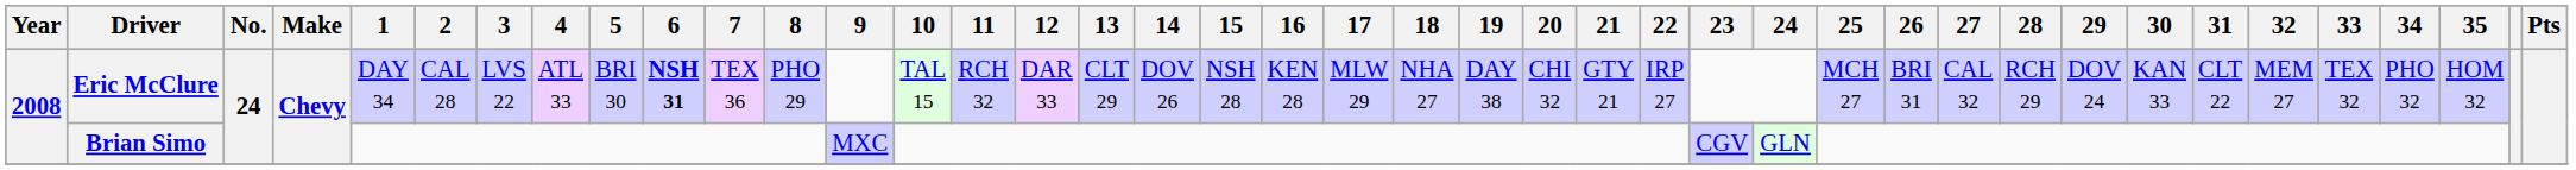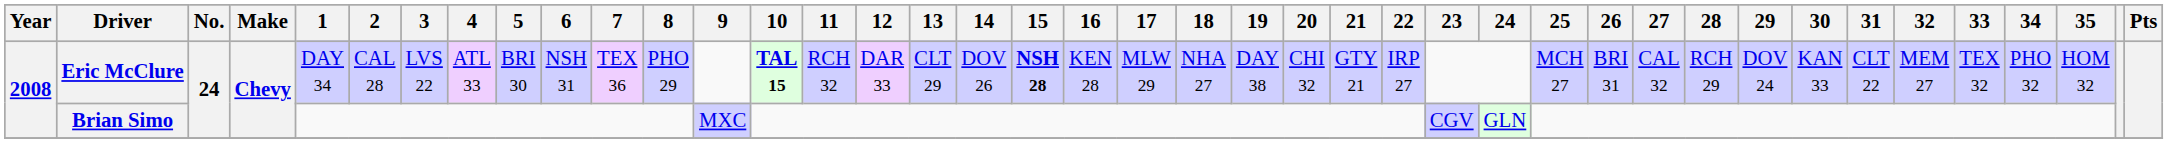 <table class="wikitable" style="text-align:center; font-size:75%">
 <tr>
 <th>Year</th>
 <th>Driver</th>
 <th>No.</th>
 <th>Make</th>
 <th>1</th>
 <th>2</th>
 <th>3</th>
 <th>4</th>
 <th>5</th>
 <th>6</th>
 <th>7</th>
 <th>8</th>
 <th>9</th>
 <th>10</th>
 <th>11</th>
 <th>12</th>
 <th>13</th>
 <th>14</th>
 <th>15</th>
 <th>16</th>
 <th>17</th>
 <th>18</th>
 <th>19</th>
 <th>20</th>
 <th>21</th>
 <th>22</th>
 <th>23</th>
 <th>24</th>
 <th>25</th>
 <th>26</th>
 <th>27</th>
 <th>28</th>
 <th>29</th>
 <th>30</th>
 <th>31</th>
 <th>32</th>
 <th>33</th>
 <th>34</th>
 <th>35</th>
 <th></th>
 <th>Pts</th>
 </tr>
 <tr>
 <th rowspan=2><a href='#'>2008</a></th>
 <th><a href='#'>Eric McClure</a></th>
 <th rowspan=2>24</th>
 <th rowspan=2><a href='#'>Chevy</a></th>
 <td style="background:#CFCFFF;"><a href='#'>DAY</a><br><small>34</small></td>
 <td style="background:#CFCFFF;"><a href='#'>CAL</a><br><small>28</small></td>
 <td style="background:#CFCFFF;"><a href='#'>LVS</a><br><small>22</small></td>
 <td style="background:#EFCFFF;"><a href='#'>ATL</a><br><small>33</small></td>
 <td style="background:#CFCFFF;"><a href='#'>BRI</a><br><small>30</small></td>
-<td style="background:#CFCFFF;"><strong><a href='#'>NSH</a><br><small>31</small></strong></td>
+<td style="background:#CFCFFF;"><a href='#'>NSH</a><br><small>31</small></td>
 <td style="background:#EFCFFF;"><a href='#'>TEX</a><br><small>36</small></td>
 <td style="background:#CFCFFF;"><a href='#'>PHO</a><br><small>29</small></td>
 <td></td>
-<td style="background:#DFFFDF;"><a href='#'>TAL</a><br><small>15</small></td>
+<td style="background:#DFFFDF;"><strong><a href='#'>TAL</a><br><small>15</small></strong></td>
 <td style="background:#CFCFFF;"><a href='#'>RCH</a><br><small>32</small></td>
 <td style="background:#EFCFFF;"><a href='#'>DAR</a><br><small>33</small></td>
 <td style="background:#CFCFFF;"><a href='#'>CLT</a><br><small>29</small></td>
 <td style="background:#CFCFFF;"><a href='#'>DOV</a><br><small>26</small></td>
-<td style="background:#CFCFFF;"><a href='#'>NSH</a><br><small>28</small></td>
+<td style="background:#CFCFFF;"><strong><a href='#'>NSH</a><br><small>28</small></strong></td>
 <td style="background:#CFCFFF;"><a href='#'>KEN</a><br><small>28</small></td>
 <td style="background:#CFCFFF;"><a href='#'>MLW</a><br><small>29</small></td>
 <td style="background:#CFCFFF;"><a href='#'>NHA</a><br><small>27</small></td>
 <td style="background:#CFCFFF;"><a href='#'>DAY</a><br><small>38</small></td>
 <td style="background:#CFCFFF;"><a href='#'>CHI</a><br><small>32</small></td>
 <td style="background:#CFCFFF;"><a href='#'>GTY</a><br><small>21</small></td>
 <td style="background:#CFCFFF;"><a href='#'>IRP</a><br><small>27</small></td>
 <td colspan=2></td>
 <td style="background:#CFCFFF;"><a href='#'>MCH</a><br><small>27</small></td>
 <td style="background:#CFCFFF;"><a href='#'>BRI</a><br><small>31</small></td>
 <td style="background:#CFCFFF;"><a href='#'>CAL</a><br><small>32</small></td>
 <td style="background:#CFCFFF;"><a href='#'>RCH</a><br><small>29</small></td>
 <td style="background:#CFCFFF;"><a href='#'>DOV</a><br><small>24</small></td>
 <td style="background:#CFCFFF;"><a href='#'>KAN</a><br><small>33</small></td>
 <td style="background:#CFCFFF;"><a href='#'>CLT</a><br><small>22</small></td>
 <td style="background:#CFCFFF;"><a href='#'>MEM</a><br><small>27</small></td>
 <td style="background:#CFCFFF;"><a href='#'>TEX</a><br><small>32</small></td>
 <td style="background:#CFCFFF;"><a href='#'>PHO</a><br><small>32</small></td>
 <td style="background:#CFCFFF;"><a href='#'>HOM</a><br><small>32</small></td>
 <th rowspan=2></th>
 <th rowspan=2></th>
 </tr>
 <tr>
 <th><a href='#'>Brian Simo</a></th>
 <td colspan=8></td>
 <td style="background:#CFCFFF;"><a href='#'>MXC</a><br></td>
 <td colspan=13></td>
 <td style="background:#CFCFFF;"><a href='#'>CGV</a><br></td>
 <td style="background:#DFFFDF;"><a href='#'>GLN</a><br></td>
 <td colspan=11></td>
 </tr>
 <tr>
 </tr>
 </table>
